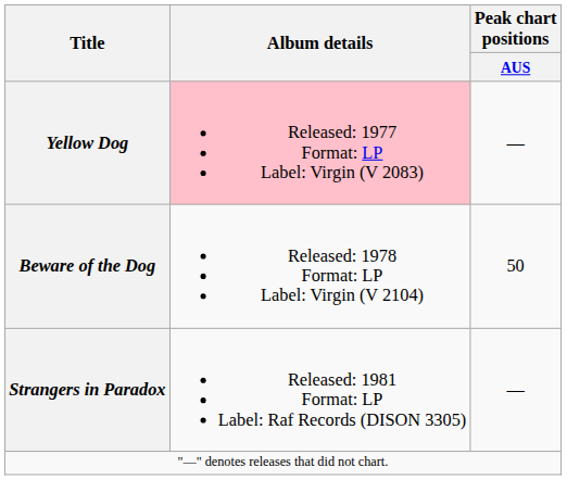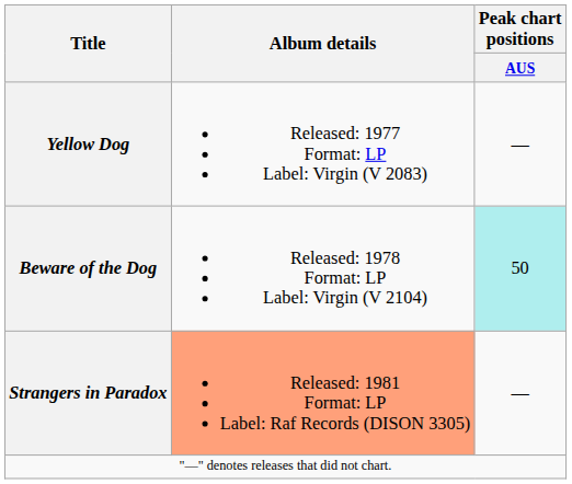 <table class="wikitable plainrowheaders" style="text-align:center;" border="1">
 <tr>
 <th scope="col" rowspan="2">Title</th>
 <th scope="col" rowspan="2">Album details</th>
 <th scope="col" colspan="1">Peak chart<br>positions</th>
 </tr>
 <tr>
 <th scope="col" style="text-align:center;"><small><a href='#'>AUS</a><br></small></th>
 </tr>
 <tr>
 <th scope="row"><em>Yellow Dog</em></th>
-<td style="background: pink;"><br><ul><li>Released: 1977</li><li>Format: <a href='#'>LP</a></li><li>Label: Virgin (V 2083)</li></ul></td>
+<td><br><ul><li>Released: 1977</li><li>Format: <a href='#'>LP</a></li><li>Label: Virgin (V 2083)</li></ul></td>
 <td align="center">—</td>
 </tr>
 <tr>
 <th scope="row"><em>Beware of the Dog</em></th>
 <td><br><ul><li>Released: 1978</li><li>Format: LP</li><li>Label: Virgin (V 2104)</li></ul></td>
-<td align="center">50</td>
+<td align="center" style="background: paleturquoise;">50</td>
 </tr>
 <tr>
 <th scope="row"><em>Strangers in Paradox</em></th>
-<td><br><ul><li>Released: 1981</li><li>Format: LP</li><li>Label: Raf Records (DISON 3305)</li></ul></td>
+<td style="background: lightsalmon;"><br><ul><li>Released: 1981</li><li>Format: LP</li><li>Label: Raf Records (DISON 3305)</li></ul></td>
 <td align="center">—</td>
 </tr>
 <tr>
 <td colspan="7" style="text-align:center; font-size:9pt;">"—" denotes releases that did not chart.</td>
 </tr>
 </table>
